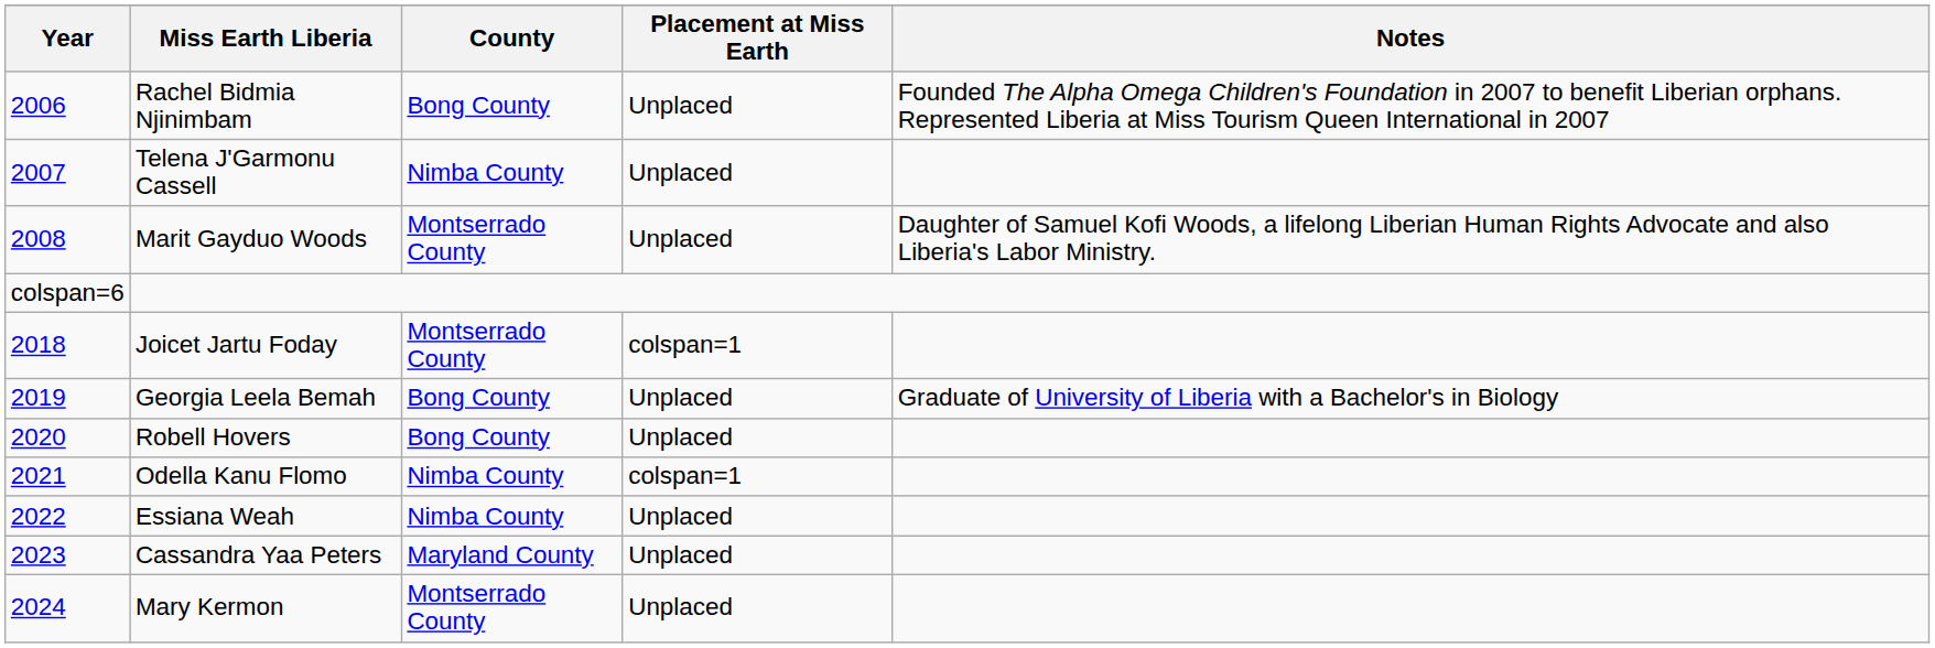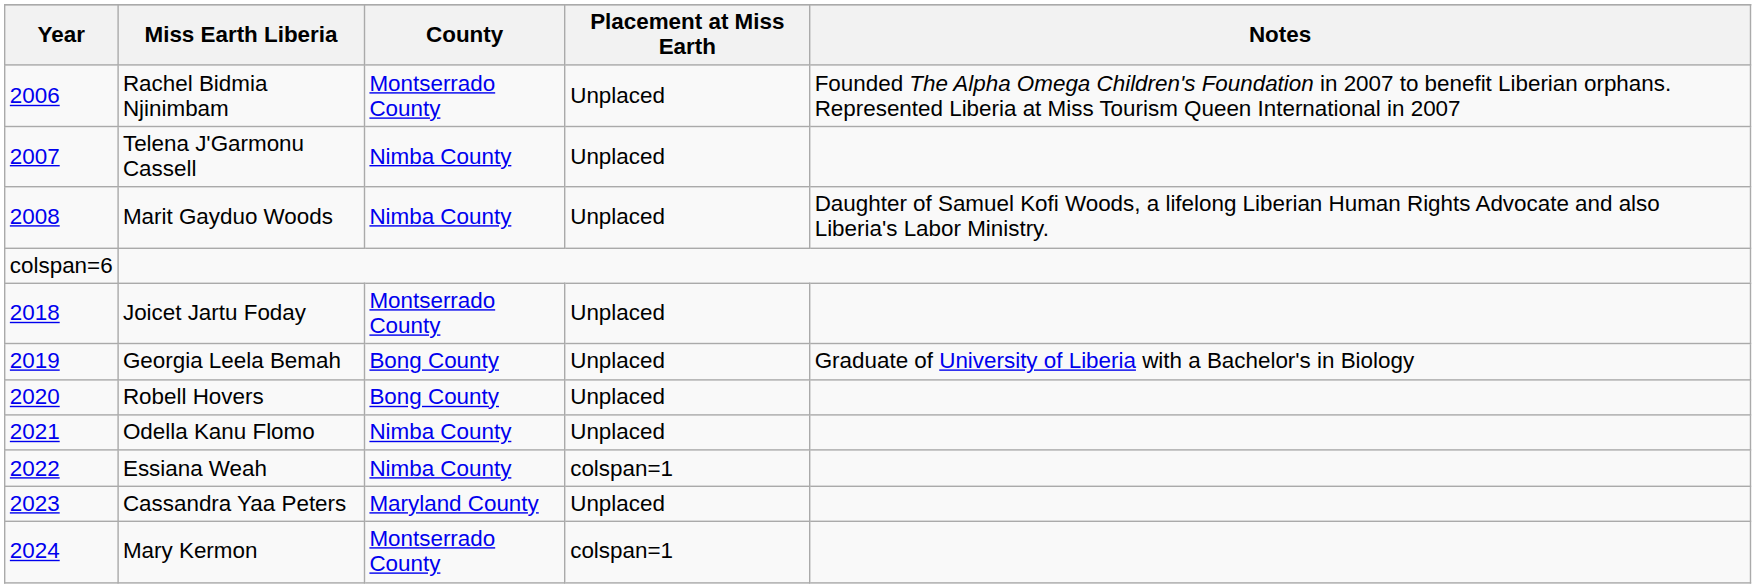 <table class="wikitable sortable mw-collapsible">
 <tr bgcolor="#efefef">
 </tr>
 <tr>
 <th>Year</th>
 <th>Miss Earth Liberia</th>
 <th>County</th>
 <th>Placement at Miss Earth</th>
 <th>Notes</th>
 </tr>
 <tr>
 <td><a href='#'>2006</a></td>
 <td>Rachel Bidmia Njinimbam</td>
-<td><a href='#'>Bong County</a></td>
+<td><a href='#'>Montserrado County</a></td>
 <td>Unplaced</td>
 <td>Founded <em>The Alpha Omega Children's Foundation</em> in 2007 to benefit Liberian orphans.<br>Represented Liberia at Miss Tourism Queen International in 2007</td>
 </tr>
 <tr>
 <td><a href='#'>2007</a></td>
 <td>Telena J'Garmonu Cassell</td>
 <td><a href='#'>Nimba County</a></td>
 <td>Unplaced</td>
 <td></td>
 </tr>
 <tr>
 <td><a href='#'>2008</a></td>
 <td>Marit Gayduo Woods</td>
-<td><a href='#'>Montserrado County</a></td>
+<td><a href='#'>Nimba County</a></td>
 <td>Unplaced</td>
 <td>Daughter of Samuel Kofi Woods, a lifelong Liberian Human Rights Advocate and also Liberia's Labor Ministry.</td>
 </tr>
 <tr>
 <td>colspan=6 </td>
 </tr>
 <tr>
 <td><a href='#'>2018</a></td>
 <td>Joicet Jartu Foday</td>
 <td><a href='#'>Montserrado County</a></td>
-<td>colspan=1 </td>
+<td>Unplaced</td>
 <td></td>
 </tr>
 <tr>
 <td><a href='#'>2019</a></td>
 <td>Georgia Leela Bemah</td>
 <td><a href='#'>Bong County</a></td>
 <td>Unplaced</td>
 <td>Graduate of <a href='#'>University of Liberia</a> with a Bachelor's in Biology</td>
 </tr>
 <tr>
 <td><a href='#'>2020</a></td>
 <td>Robell Hovers</td>
 <td><a href='#'>Bong County</a></td>
 <td>Unplaced</td>
 <td></td>
 </tr>
 <tr>
 <td><a href='#'>2021</a></td>
 <td>Odella Kanu Flomo</td>
 <td><a href='#'>Nimba County</a></td>
-<td>colspan=1 </td>
+<td>Unplaced</td>
 <td></td>
 </tr>
 <tr>
 <td><a href='#'>2022</a></td>
 <td>Essiana Weah</td>
 <td><a href='#'>Nimba County</a></td>
-<td>Unplaced</td>
+<td>colspan=1 </td>
 <td></td>
 </tr>
 <tr>
 <td><a href='#'>2023</a></td>
 <td>Cassandra Yaa Peters</td>
 <td><a href='#'>Maryland County</a></td>
 <td>Unplaced</td>
 <td></td>
 </tr>
 <tr>
 <td><a href='#'>2024</a></td>
 <td>Mary Kermon</td>
 <td><a href='#'>Montserrado County</a></td>
-<td>Unplaced</td>
+<td>colspan=1 </td>
 <td></td>
 </tr>
 </table>
